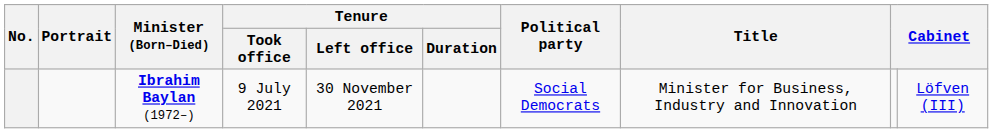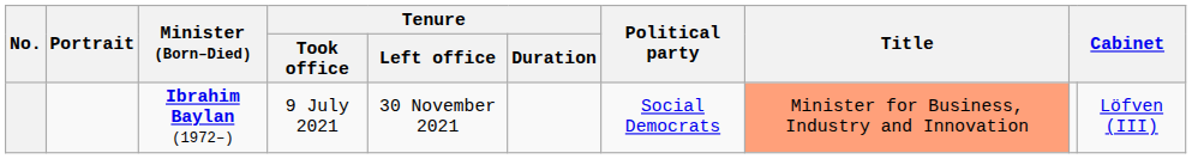 <table class="wikitable" style="text-align: center;">
 <tr>
 <th rowspan="2">No.</th>
 <th rowspan="2">Portrait</th>
 <th rowspan="2">Minister<br><small>(Born–Died)</small></th>
 <th colspan="3">Tenure</th>
 <th rowspan="2">Political party</th>
 <th rowspan="2">Title</th>
 <th rowspan="2" colspan="2"><a href='#'>Cabinet</a></th>
 </tr>
 <tr>
 <th>Took office</th>
 <th>Left office</th>
 <th>Duration</th>
 </tr>
 <tr>
 <th rowspan="1" style="background: "></th>
 <td rowspan="1"></td>
 <td rowspan="1"><strong><a href='#'>Ibrahim Baylan</a></strong><br><small>(1972–)</small></td>
 <td rowspan="1">9 July 2021</td>
 <td rowspan="1">30 November 2021</td>
 <td rowspan="1"></td>
 <td rowspan="1"><a href='#'>Social Democrats</a></td>
-<td rowspan="1">Minister for Business, Industry and Innovation</td>
+<td rowspan="1" style="background: lightsalmon;">Minister for Business, Industry and Innovation</td>
 <td rowspan="1" style="background: "></td>
 <td rowspan="1"><a href='#'>Löfven (III)</a></td>
 </tr>
 </table>
